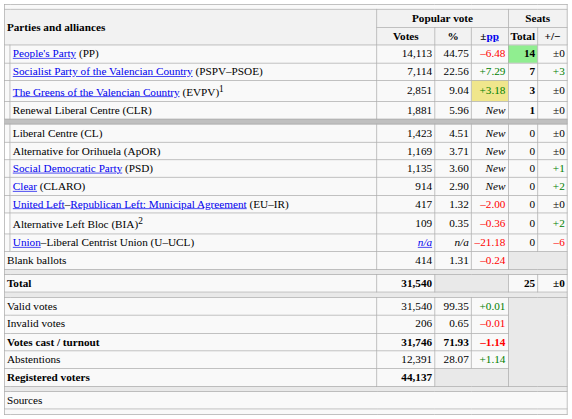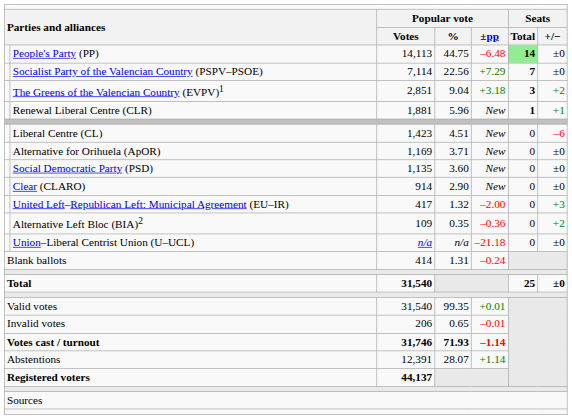 <table class="wikitable" style="text-align:right;">
 <tr>
 <td colspan="7"></td>
 </tr>
 <tr>
 <th style="text-align:left;" rowspan="2" colspan="2" width="525">Parties and alliances</th>
 <th colspan="3">Popular vote</th>
 <th colspan="2">Seats</th>
 </tr>
 <tr>
 <th width="75">Votes</th>
 <th width="45">%</th>
 <th width="45">±<a href='#'>pp</a></th>
 <th width="35">Total</th>
 <th width="35">+/−</th>
 </tr>
 <tr>
 <td width="1" style="color:inherit;background:"></td>
 <td align="left"><a href='#'>People's Party</a> (PP)</td>
 <td>14,113</td>
 <td>44.75</td>
 <td style="color:red;">–6.48</td>
 <td style="background: lightgreen;"><strong>14</strong></td>
 <td>±0</td>
 </tr>
 <tr>
 <td style="color:inherit;background:"></td>
 <td align="left"><a href='#'>Socialist Party of the Valencian Country</a> (PSPV–PSOE)</td>
 <td>7,114</td>
 <td>22.56</td>
 <td style="color:green;">+7.29</td>
 <td><strong>7</strong></td>
-<td style="color:green;">+3</td>
+<td>±0</td>
 </tr>
 <tr>
 <td style="color:inherit;background:"></td>
 <td align="left"><a href='#'>The Greens of the Valencian Country</a> (EVPV)<sup>1</sup></td>
 <td>2,851</td>
 <td>9.04</td>
-<td style="background: khaki; color:green;">+3.18</td>
+<td style="color:green;">+3.18</td>
 <td><strong>3</strong></td>
-<td>±0</td>
+<td style="color:green;">+2</td>
 </tr>
 <tr>
 <td style="color:inherit;background:"></td>
 <td align="left">Renewal Liberal Centre (CLR)</td>
 <td>1,881</td>
 <td>5.96</td>
 <td><em>New</em></td>
 <td><strong>1</strong></td>
-<td>±0</td>
+<td style="color:green;">+1</td>
 </tr>
 <tr>
 <td colspan="7" bgcolor="#C0C0C0"></td>
 </tr>
 <tr>
 <td style="color:inherit;background:"></td>
 <td align="left">Liberal Centre (CL)</td>
 <td>1,423</td>
 <td>4.51</td>
 <td><em>New</em></td>
 <td>0</td>
-<td>±0</td>
+<td style="color:red;">–6</td>
 </tr>
 <tr>
 <td bgcolor="white"></td>
 <td align="left">Alternative for Orihuela (ApOR)</td>
 <td>1,169</td>
 <td>3.71</td>
 <td><em>New</em></td>
 <td>0</td>
 <td>±0</td>
 </tr>
 <tr>
 <td style="color:inherit;background:"></td>
 <td align="left"><a href='#'>Social Democratic Party</a> (PSD)</td>
 <td>1,135</td>
 <td>3.60</td>
 <td><em>New</em></td>
 <td>0</td>
-<td style="color:green;">+1</td>
+<td>±0</td>
 </tr>
 <tr>
 <td style="color:inherit;background:"></td>
 <td align="left"><a href='#'>Clear</a> (CLARO)</td>
 <td>914</td>
 <td>2.90</td>
 <td><em>New</em></td>
 <td>0</td>
-<td style="color:green;">+2</td>
+<td>±0</td>
 </tr>
 <tr>
 <td style="color:inherit;background:"></td>
 <td align="left"><a href='#'>United Left</a>–<a href='#'>Republican Left: Municipal Agreement</a> (EU–IR)</td>
 <td>417</td>
 <td>1.32</td>
 <td style="color:red;">–2.00</td>
 <td>0</td>
-<td>±0</td>
+<td style="color:green;">+3</td>
 </tr>
 <tr>
 <td bgcolor="white"></td>
 <td align="left">Alternative Left Bloc (BIA)<sup>2</sup></td>
 <td>109</td>
 <td>0.35</td>
 <td style="color:red;">–0.36</td>
 <td>0</td>
 <td style="color:green;">+2</td>
 </tr>
 <tr>
 <td style="color:inherit;background:"></td>
 <td align="left"><a href='#'>Union</a>–Liberal Centrist Union (U–UCL)</td>
 <td><em><a href='#'>n/a</a></em></td>
 <td><em>n/a</em></td>
 <td style="color:red;">–21.18</td>
 <td>0</td>
-<td style="color:red;">–6</td>
+<td>±0</td>
 </tr>
 <tr>
 <td align="left" colspan="2">Blank ballots</td>
 <td>414</td>
 <td>1.31</td>
 <td style="color:red;">–0.24</td>
 <td bgcolor="#E9E9E9" colspan="2"></td>
 </tr>
 <tr>
 <td colspan="7" bgcolor="#E9E9E9"></td>
 </tr>
 <tr style="font-weight:bold;">
 <td align="left" colspan="2">Total</td>
 <td>31,540</td>
 <td bgcolor="#E9E9E9" colspan="2"></td>
 <td>25</td>
 <td>±0</td>
 </tr>
 <tr>
 <td colspan="7" bgcolor="#E9E9E9"></td>
 </tr>
 <tr>
 <td align="left" colspan="2">Valid votes</td>
 <td>31,540</td>
 <td>99.35</td>
 <td style="color:green;">+0.01</td>
 <td bgcolor="#E9E9E9" colspan="2" rowspan="5"></td>
 </tr>
 <tr>
 <td align="left" colspan="2">Invalid votes</td>
 <td>206</td>
 <td>0.65</td>
 <td style="color:red;">–0.01</td>
 </tr>
 <tr style="font-weight:bold;">
 <td align="left" colspan="2">Votes cast / turnout</td>
 <td>31,746</td>
 <td>71.93</td>
 <td style="color:red;">–1.14</td>
 </tr>
 <tr>
 <td align="left" colspan="2">Abstentions</td>
 <td>12,391</td>
 <td>28.07</td>
 <td style="color:green;">+1.14</td>
 </tr>
 <tr style="font-weight:bold;">
 <td align="left" colspan="2">Registered voters</td>
 <td>44,137</td>
 <td bgcolor="#E9E9E9" colspan="2"></td>
 </tr>
 <tr>
 <td colspan="7" bgcolor="#E9E9E9"></td>
 </tr>
 <tr>
 <td align="left" colspan="7">Sources</td>
 </tr>
 <tr>
 <td colspan="7" style="text-align:left; max-width:790px;"></td>
 </tr>
 </table>
